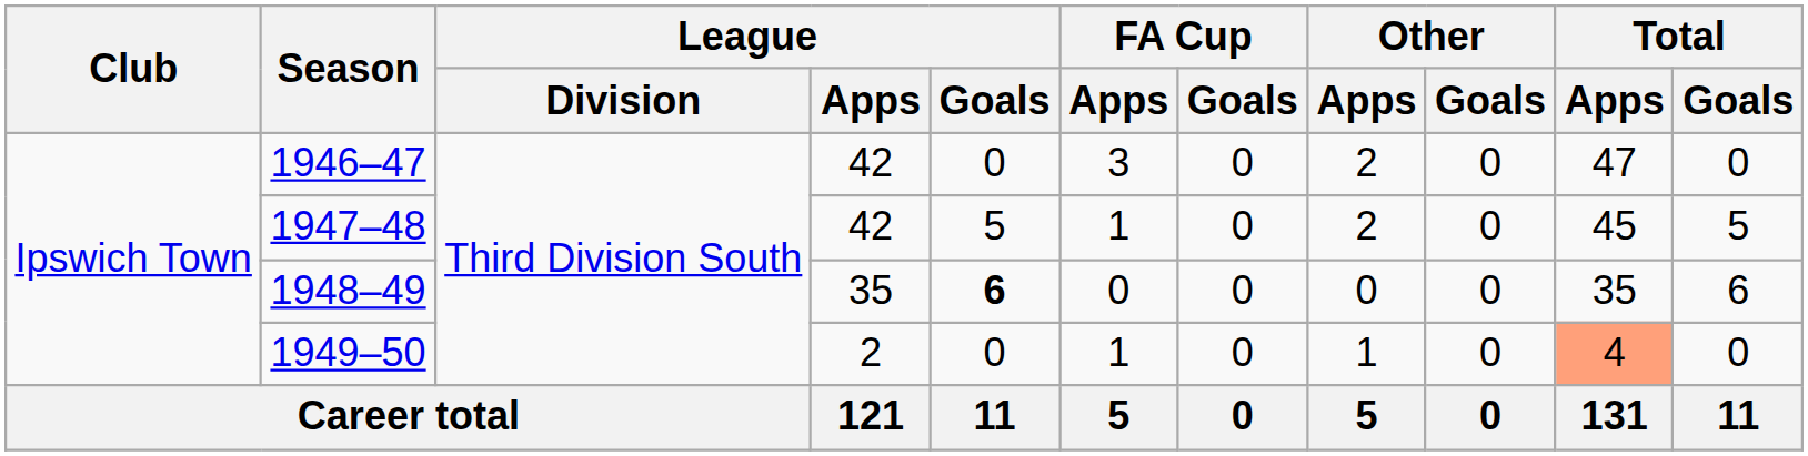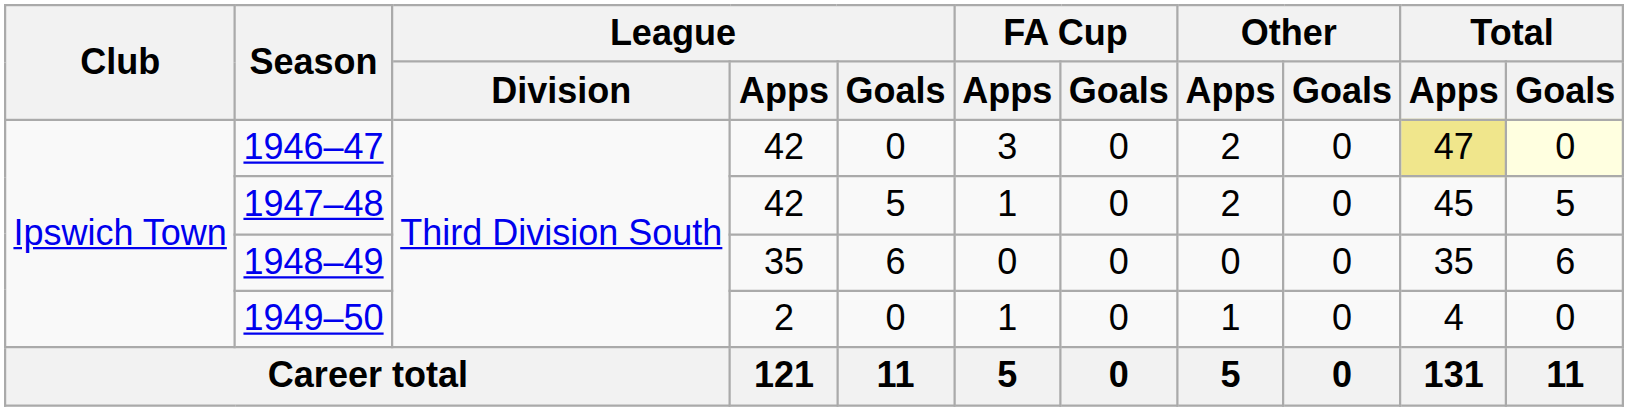 <table class="wikitable" style="text-align:center">
 <tr>
 <th rowspan="2">Club</th>
 <th rowspan="2">Season</th>
 <th colspan="3">League</th>
 <th colspan="2">FA Cup</th>
 <th colspan="2">Other</th>
 <th colspan="2">Total</th>
 </tr>
 <tr>
 <th>Division</th>
 <th>Apps</th>
 <th>Goals</th>
 <th>Apps</th>
 <th>Goals</th>
 <th>Apps</th>
 <th>Goals</th>
 <th>Apps</th>
 <th>Goals</th>
 </tr>
 <tr>
 <td rowspan="4"><a href='#'>Ipswich Town</a></td>
 <td><a href='#'>1946–47</a></td>
 <td rowspan="4"><a href='#'>Third Division South</a></td>
 <td>42</td>
 <td>0</td>
 <td>3</td>
 <td>0</td>
 <td>2</td>
 <td>0</td>
-<td>47</td>
-<td>0</td>
+<td style="background: khaki;">47</td>
+<td style="background: lightyellow;">0</td>
 </tr>
 <tr>
 <td><a href='#'>1947–48</a></td>
 <td>42</td>
 <td>5</td>
 <td>1</td>
 <td>0</td>
 <td>2</td>
 <td>0</td>
 <td>45</td>
 <td>5</td>
 </tr>
 <tr>
 <td><a href='#'>1948–49</a></td>
 <td>35</td>
-<td><strong>6</strong></td>
+<td>6</td>
 <td>0</td>
 <td>0</td>
 <td>0</td>
 <td>0</td>
 <td>35</td>
 <td>6</td>
 </tr>
 <tr>
 <td><a href='#'>1949–50</a></td>
 <td>2</td>
 <td>0</td>
 <td>1</td>
 <td>0</td>
 <td>1</td>
 <td>0</td>
-<td style="background: lightsalmon;">4</td>
+<td>4</td>
 <td>0</td>
 </tr>
 <tr>
 <th colspan="3">Career total</th>
 <th>121</th>
 <th>11</th>
 <th>5</th>
 <th>0</th>
 <th>5</th>
 <th>0</th>
 <th>131</th>
 <th>11</th>
 </tr>
 </table>
